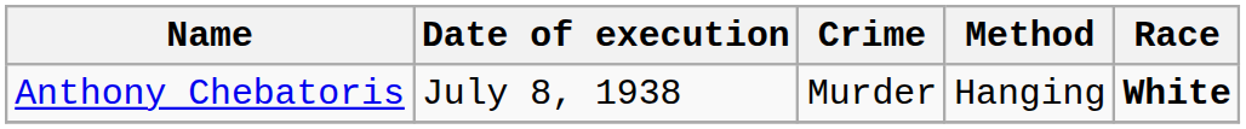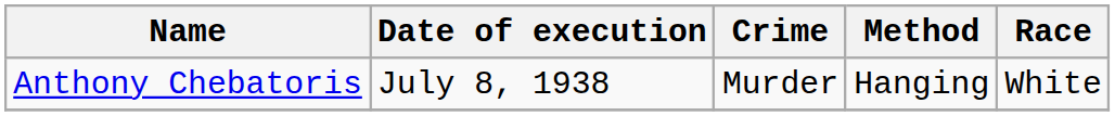 <table class="wikitable">
 <tr ->
 <th>Name</th>
 <th>Date of execution</th>
 <th>Crime</th>
 <th>Method</th>
 <th>Race</th>
 </tr>
 <tr ->
 <td><a href='#'>Anthony Chebatoris</a></td>
 <td>July 8, 1938</td>
 <td>Murder</td>
 <td>Hanging</td>
-<td><strong>White</strong></td>
+<td>White</td>
 </tr>
 <tr>
 </tr>
 </table>
